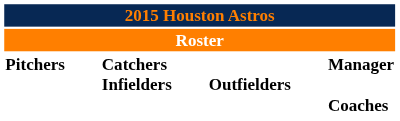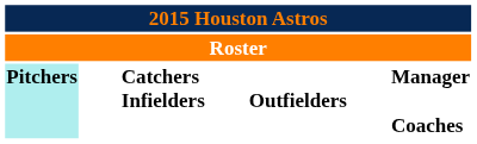 <table class="toccolours" style="font-size: 95%;">
 <tr>
 <th colspan="10" style="background:#072854; color:#FF7F00; text-align:center;">2015 Houston Astros</th>
 </tr>
 <tr>
 <td colspan="10" style="background:#FF7F00; color:white; text-align:center;"><strong>Roster</strong></td>
 </tr>
 <tr>
-<td valign="top"><strong>Pitchers</strong><br>                       </td>
+<td valign="top" style="background: paleturquoise;"><strong>Pitchers</strong><br>                       </td>
 <td style="width:25px;"></td>
 <td valign="top"><strong>Catchers</strong><br>   <strong>Infielders</strong>         </td>
 <td style="width:25px;"></td>
 <td valign="top"><br><strong>Outfielders</strong>          </td>
 <td style="width:25px;"></td>
 <td valign="top"><strong>Manager</strong><br><br><strong>Coaches</strong>                  </td>
 </tr>
 </table>
